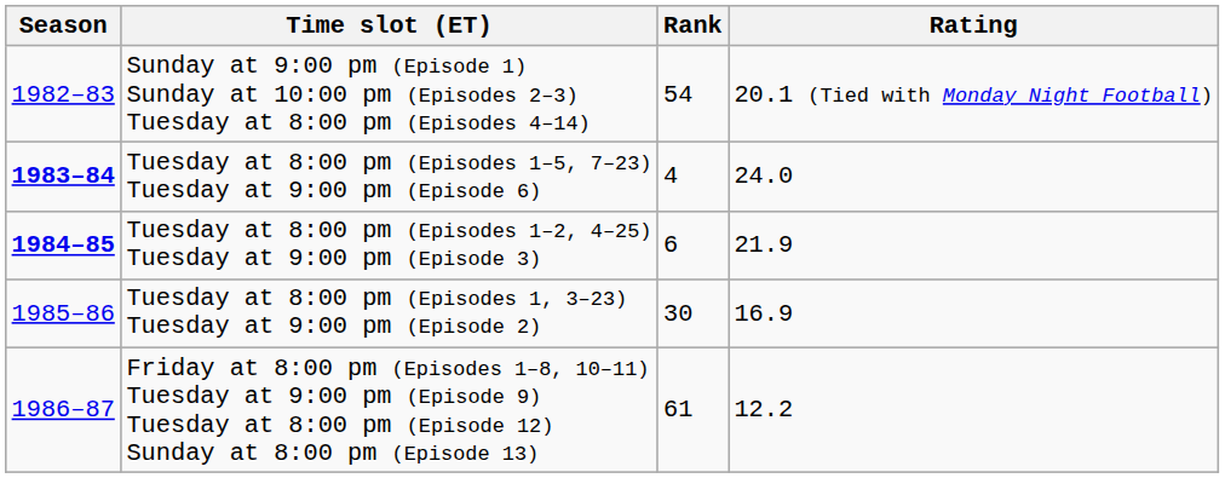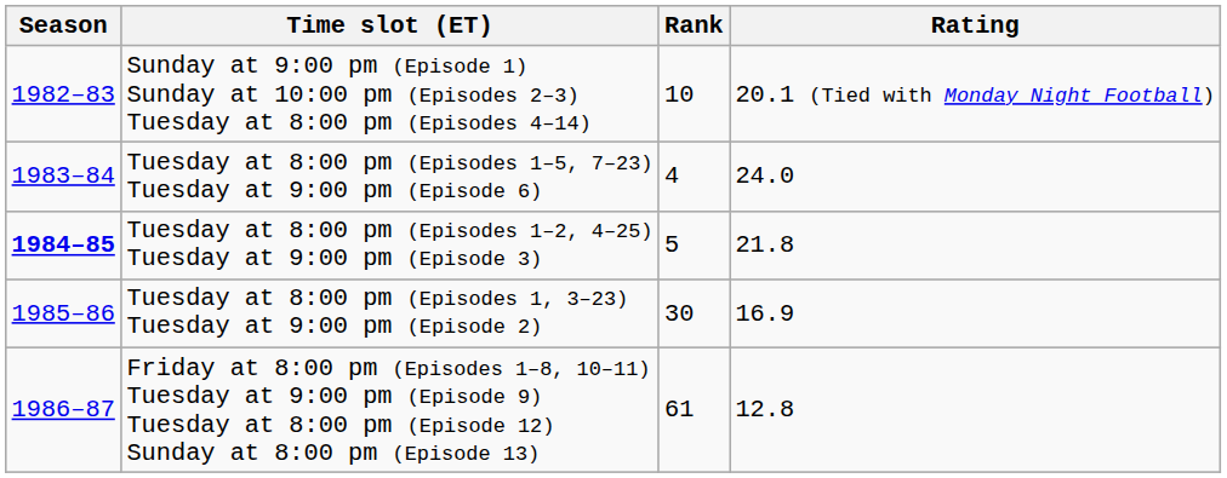 <table class="wikitable">
 <tr>
 <th>Season</th>
 <th>Time slot (ET)</th>
 <th>Rank</th>
 <th>Rating</th>
 </tr>
 <tr>
 <td><a href='#'>1982–83</a></td>
 <td>Sunday at 9:00 pm <small>(Episode 1)</small><br>Sunday at 10:00 pm <small>(Episodes 2–3)</small><br>Tuesday at 8:00 pm <small>(Episodes 4–14)</small></td>
-<td>54</td>
+<td>10</td>
 <td>20.1 <small>(Tied with <em><a href='#'>Monday Night Football</a></em>)</small></td>
 </tr>
 <tr>
-<td><strong><a href='#'>1983–84</a></strong></td>
+<td><a href='#'>1983–84</a></td>
 <td>Tuesday at 8:00 pm <small>(Episodes 1–5, 7–23)</small><br>Tuesday at 9:00 pm <small>(Episode 6)</small></td>
 <td>4</td>
 <td>24.0</td>
 </tr>
 <tr>
 <td><strong><a href='#'>1984–85</a></strong></td>
 <td>Tuesday at 8:00 pm <small>(Episodes 1–2, 4–25)</small><br>Tuesday at 9:00 pm <small>(Episode 3)</small></td>
-<td>6</td>
-<td>21.9</td>
+<td>5</td>
+<td>21.8</td>
 </tr>
 <tr>
 <td><a href='#'>1985–86</a></td>
 <td>Tuesday at 8:00 pm <small>(Episodes 1, 3–23)</small><br>Tuesday at 9:00 pm <small>(Episode 2)</small></td>
 <td>30</td>
 <td>16.9</td>
 </tr>
 <tr>
 <td><a href='#'>1986–87</a></td>
 <td>Friday at 8:00 pm <small>(Episodes 1–8, 10–11)</small><br>Tuesday at 9:00 pm <small>(Episode 9)</small><br>Tuesday at 8:00 pm <small>(Episode 12)</small><br>Sunday at 8:00 pm <small>(Episode 13)</small></td>
 <td>61</td>
-<td>12.2</td>
+<td>12.8</td>
 </tr>
 </table>
